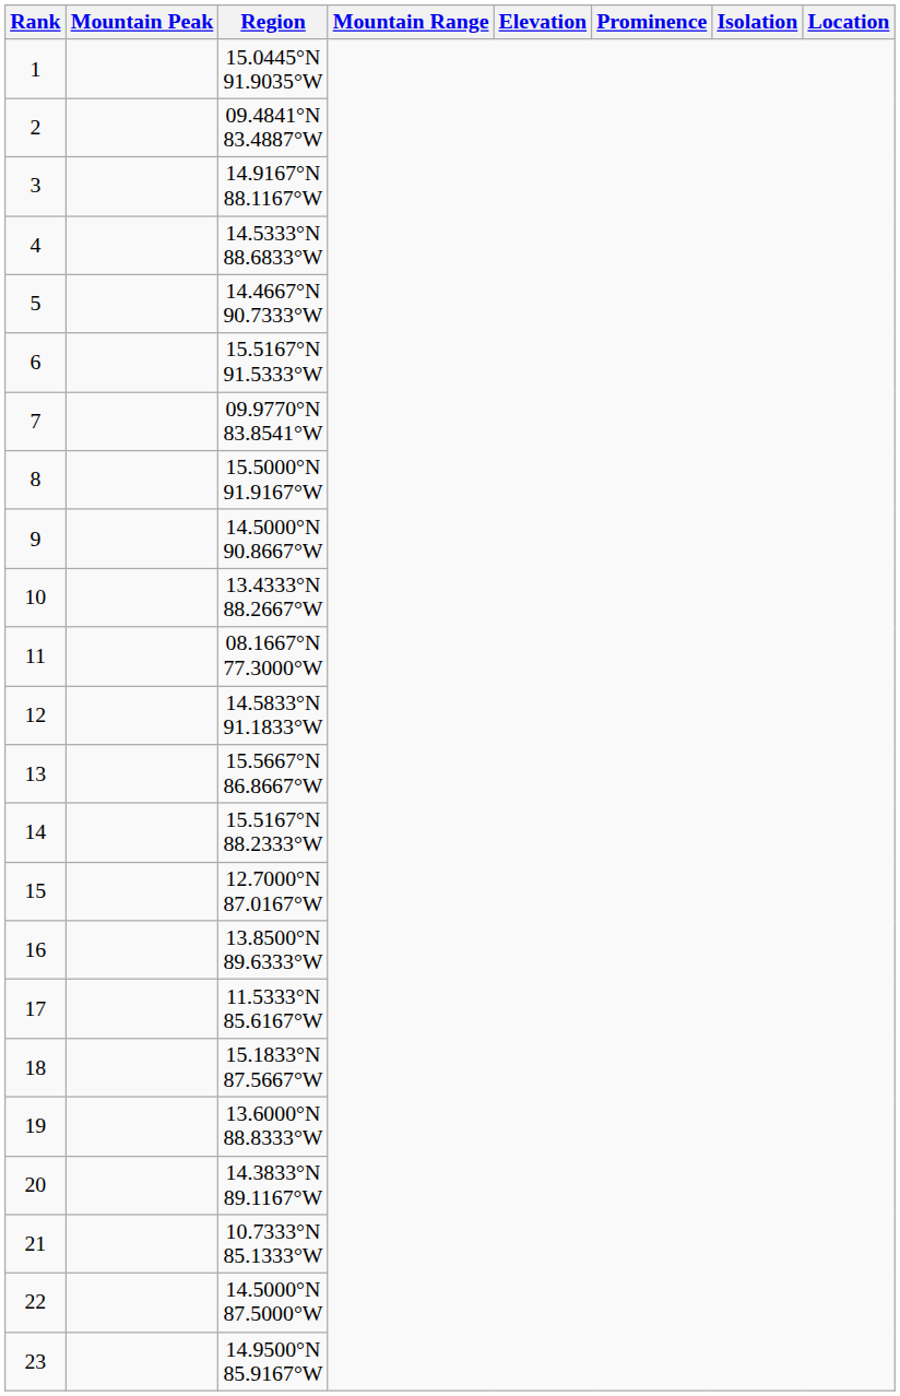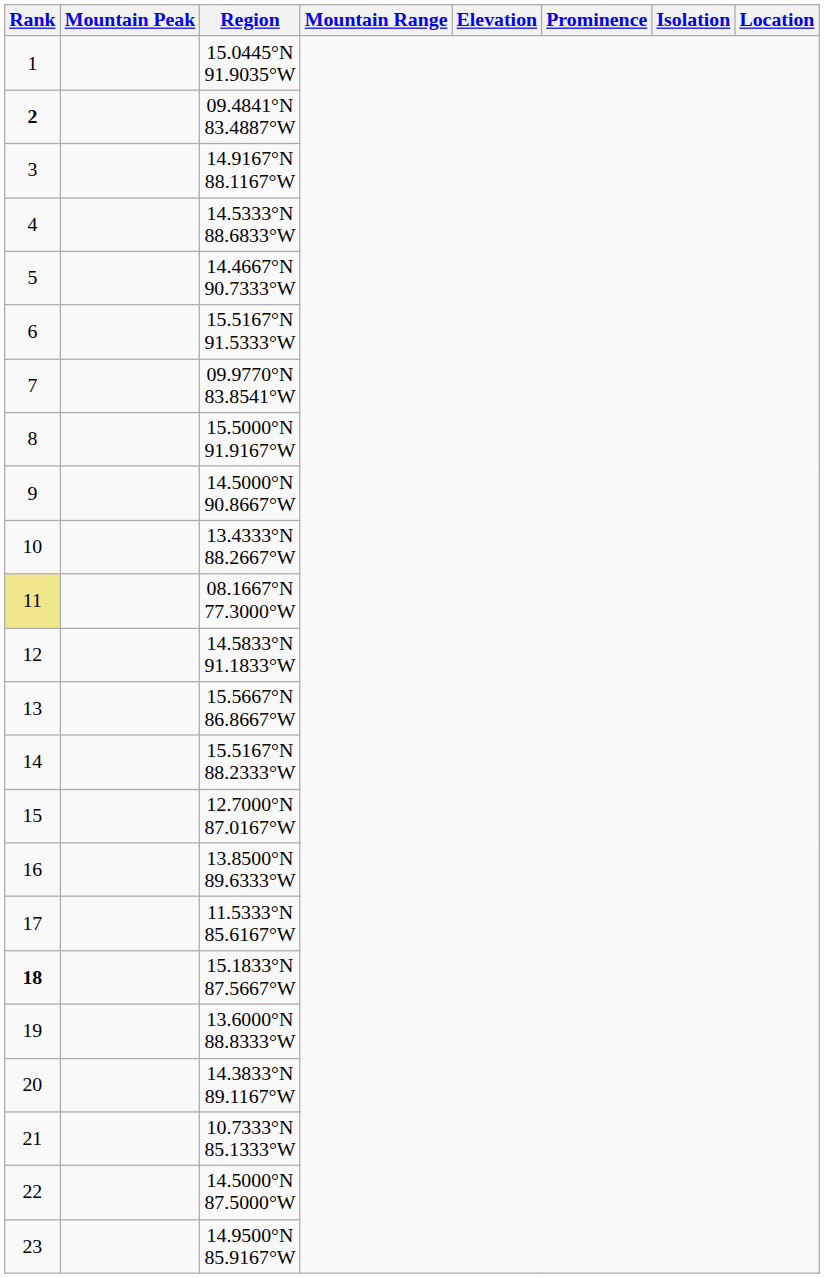 <table class="wikitable sortable">
 <tr>
 <th><a href='#'>Rank</a></th>
 <th><a href='#'>Mountain Peak</a></th>
 <th><a href='#'>Region</a></th>
 <th><a href='#'>Mountain Range</a></th>
 <th><a href='#'>Elevation</a></th>
 <th><a href='#'>Prominence</a></th>
 <th><a href='#'>Isolation</a></th>
 <th><a href='#'>Location</a></th>
 </tr>
 <tr>
 <td align=center>1<br></td>
 <td><br> </td>
 <td align=center>15.0445°N<br>91.9035°W</td>
 </tr>
 <tr>
-<td align=center>2<br></td>
+<td align=center><strong>2<br></strong></td>
 <td><br> </td>
 <td align=center>09.4841°N<br>83.4887°W</td>
 </tr>
 <tr>
 <td align=center>3<br></td>
 <td><br> </td>
 <td align=center>14.9167°N<br>88.1167°W</td>
 </tr>
 <tr>
 <td align=center>4<br></td>
 <td><br> </td>
 <td align=center>14.5333°N<br>88.6833°W</td>
 </tr>
 <tr>
 <td align=center>5<br></td>
 <td><br> </td>
 <td align=center>14.4667°N<br>90.7333°W</td>
 </tr>
 <tr>
 <td align=center>6<br></td>
 <td><br> </td>
 <td align=center>15.5167°N<br>91.5333°W</td>
 </tr>
 <tr>
 <td align=center>7<br></td>
 <td><br> </td>
 <td align=center>09.9770°N<br>83.8541°W</td>
 </tr>
 <tr>
 <td align=center>8<br></td>
 <td><br> </td>
 <td align=center>15.5000°N<br>91.9167°W</td>
 </tr>
 <tr>
 <td align=center>9<br></td>
 <td><br> </td>
 <td align=center>14.5000°N<br>90.8667°W</td>
 </tr>
 <tr>
 <td align=center>10<br></td>
 <td><br> </td>
 <td align=center>13.4333°N<br>88.2667°W</td>
 </tr>
 <tr>
-<td align=center>11<br></td>
+<td align=center style="background: khaki;">11<br></td>
 <td><br> </td>
 <td align=center>08.1667°N<br>77.3000°W</td>
 </tr>
 <tr>
 <td align=center>12<br></td>
 <td><br> </td>
 <td align=center>14.5833°N<br>91.1833°W</td>
 </tr>
 <tr>
 <td align=center>13<br></td>
 <td><br> </td>
 <td align=center>15.5667°N<br>86.8667°W</td>
 </tr>
 <tr>
 <td align=center>14<br></td>
 <td><br> </td>
 <td align=center>15.5167°N<br>88.2333°W</td>
 </tr>
 <tr>
 <td align=center>15<br></td>
 <td><br> </td>
 <td align=center>12.7000°N<br>87.0167°W</td>
 </tr>
 <tr>
 <td align=center>16<br></td>
 <td><br> </td>
 <td align=center>13.8500°N<br>89.6333°W</td>
 </tr>
 <tr>
 <td align=center>17<br></td>
 <td><br> </td>
 <td align=center>11.5333°N<br>85.6167°W</td>
 </tr>
 <tr>
-<td align=center>18<br></td>
+<td align=center><strong>18<br></strong></td>
 <td><br> </td>
 <td align=center>15.1833°N<br>87.5667°W</td>
 </tr>
 <tr>
 <td align=center>19<br></td>
 <td><br> </td>
 <td align=center>13.6000°N<br>88.8333°W</td>
 </tr>
 <tr>
 <td align=center>20<br></td>
 <td><br><br> </td>
 <td align=center>14.3833°N<br>89.1167°W</td>
 </tr>
 <tr>
 <td align=center>21<br></td>
 <td><br> </td>
 <td align=center>10.7333°N<br>85.1333°W</td>
 </tr>
 <tr>
 <td align=center>22<br></td>
 <td><br> </td>
 <td align=center>14.5000°N<br>87.5000°W</td>
 </tr>
 <tr>
 <td align=center>23<br></td>
 <td><br> </td>
 <td align=center>14.9500°N<br>85.9167°W</td>
 </tr>
 </table>
